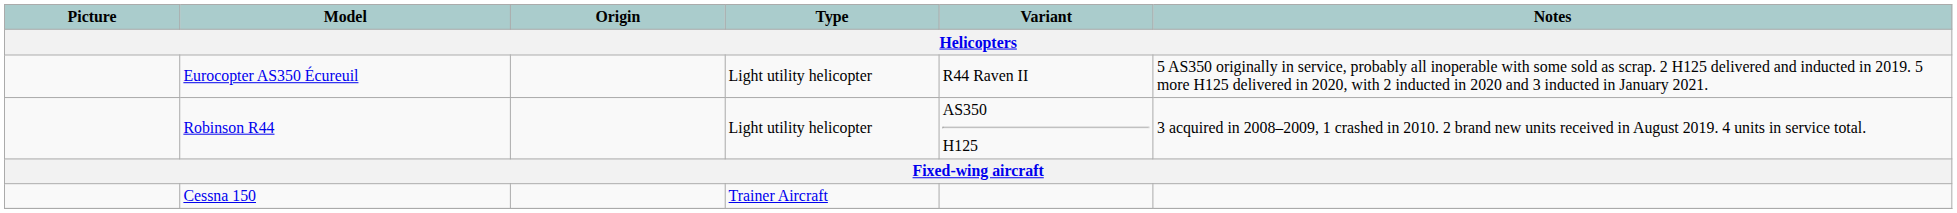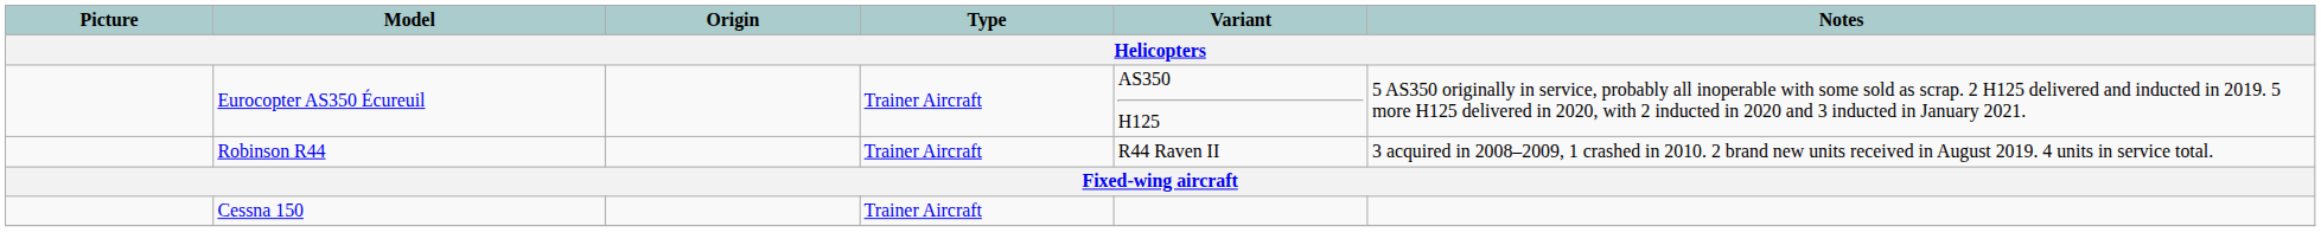 <table class="wikitable">
 <tr>
 <th style="text-align: center; background:#acc; width:9%;">Picture</th>
 <th style="text-align: center; background:#acc; width:17%;">Model</th>
 <th style="text-align: center; background:#acc; width:11%;">Origin</th>
 <th style="text-align: center; background:#acc; width:11%;">Type</th>
 <th style="text-align: center; background:#acc; width:11%;">Variant</th>
 <th style="text-align: center; background:#acc; width:41%;">Notes</th>
 </tr>
 <tr>
 <th style="align: center;" colspan="6"><a href='#'>Helicopters</a></th>
 </tr>
 <tr>
 <td></td>
 <td><a href='#'>Eurocopter AS350 Écureuil</a></td>
 <td></td>
-<td>Light utility helicopter</td>
-<td>R44 Raven II</td>
+<td><a href='#'>Trainer Aircraft</a></td>
+<td>AS350<hr>H125</td>
 <td>5 AS350 originally in service, probably all inoperable with some sold as scrap. 2 H125 delivered and inducted in 2019. 5 more H125 delivered in 2020, with 2 inducted in 2020 and 3 inducted in January 2021.</td>
 </tr>
 <tr>
 <td></td>
 <td><a href='#'>Robinson R44</a></td>
 <td></td>
-<td>Light utility helicopter</td>
-<td>AS350<hr>H125</td>
+<td><a href='#'>Trainer Aircraft</a></td>
+<td>R44 Raven II</td>
 <td>3 acquired in 2008–2009, 1 crashed in 2010. 2 brand new units received in August 2019. 4 units in service total.</td>
 </tr>
 <tr>
 <th style="align: center;" colspan="6"><a href='#'>Fixed-wing aircraft</a></th>
 </tr>
 <tr>
 <td></td>
 <td><a href='#'>Cessna 150</a></td>
 <td></td>
 <td><a href='#'>Trainer Aircraft</a></td>
 <td></td>
 <td></td>
 </tr>
 <tr>
 </tr>
 </table>
